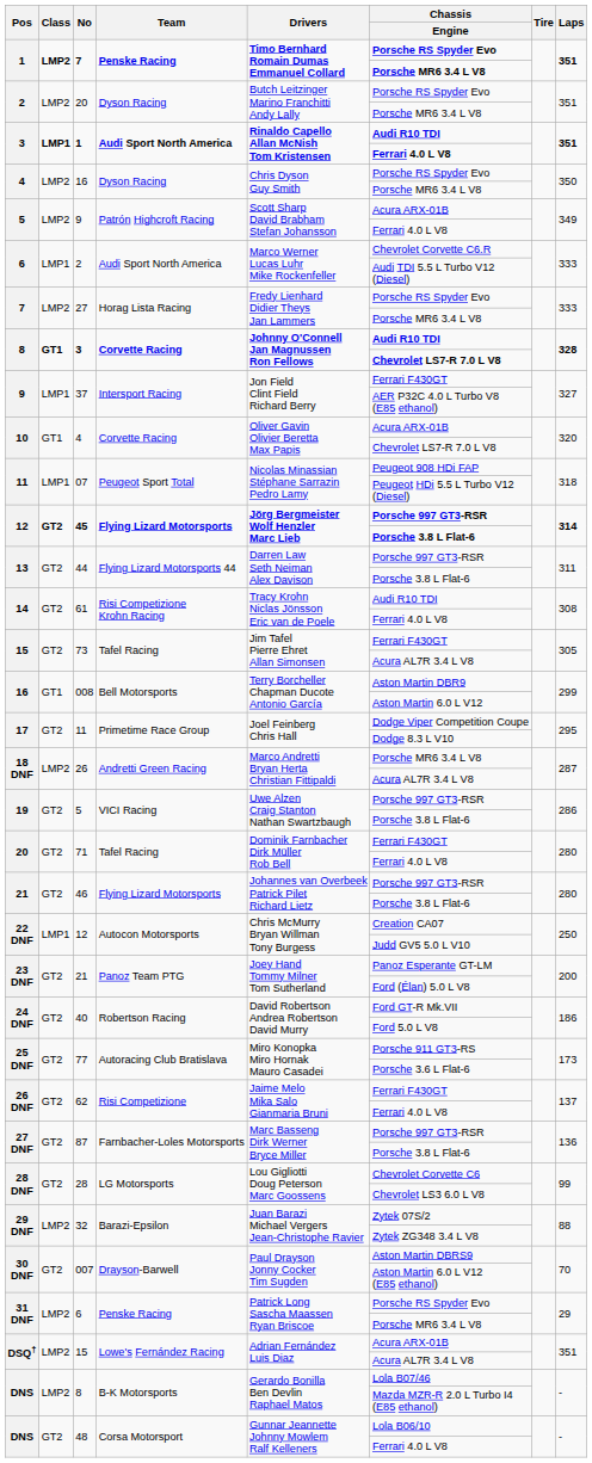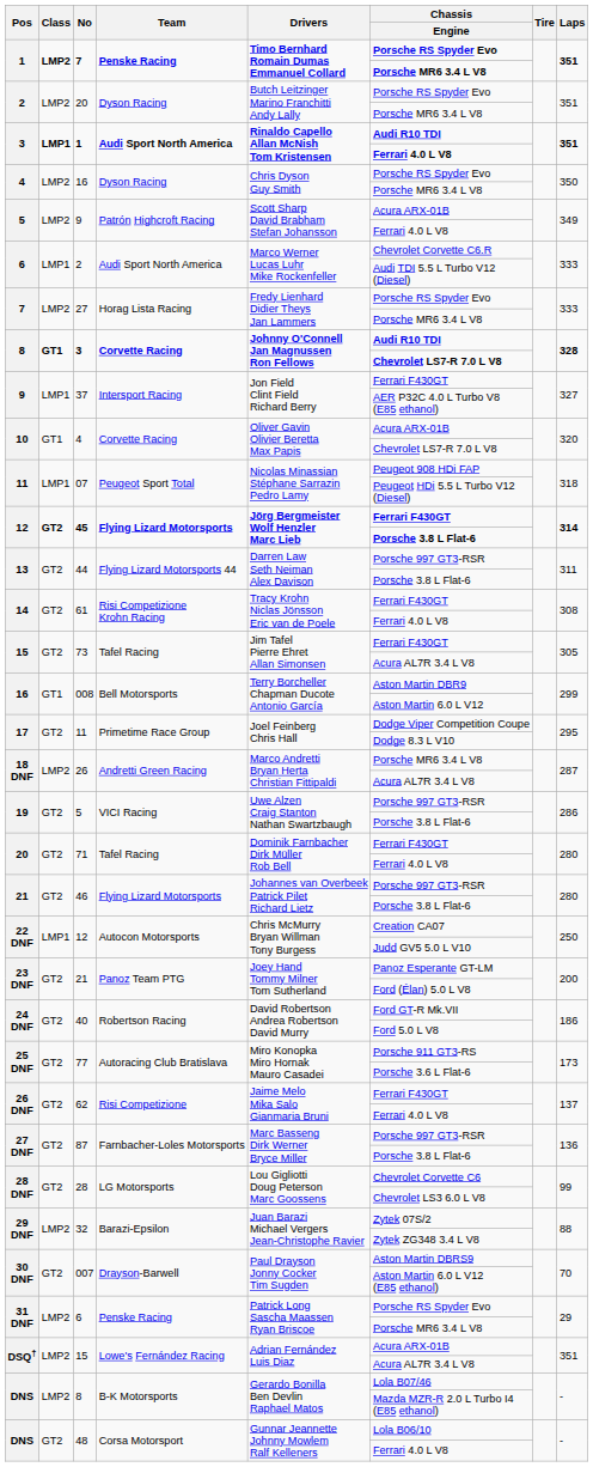 <table class="wikitable" style="font-size: 95%;">
 <tr>
 <th rowspan=2>Pos</th>
 <th rowspan=2>Class</th>
 <th rowspan=2>No</th>
 <th rowspan=2>Team</th>
 <th rowspan=2>Drivers</th>
 <th>Chassis</th>
 <th rowspan=2>Tire</th>
 <th rowspan=2>Laps</th>
 </tr>
 <tr>
 <th>Engine</th>
 </tr>
 <tr style="font-weight:bold">
 <th rowspan=2>1</th>
 <td rowspan=2>LMP2</td>
 <td rowspan=2>7</td>
 <td rowspan=2> <a href='#'>Penske Racing</a></td>
 <td rowspan=2> <a href='#'>Timo Bernhard</a><br> <a href='#'>Romain Dumas</a><br> <a href='#'>Emmanuel Collard</a></td>
 <td><a href='#'>Porsche RS Spyder</a> Evo</td>
 <td rowspan=2></td>
 <td rowspan=2>351</td>
 </tr>
 <tr style="font-weight:bold">
 <td><a href='#'>Porsche</a> MR6 3.4 L V8</td>
 </tr>
 <tr>
 <th rowspan=2>2</th>
 <td rowspan=2>LMP2</td>
 <td rowspan=2>20</td>
 <td rowspan=2> <a href='#'>Dyson Racing</a></td>
 <td rowspan=2> <a href='#'>Butch Leitzinger</a><br> <a href='#'>Marino Franchitti</a><br> <a href='#'>Andy Lally</a></td>
 <td><a href='#'>Porsche RS Spyder</a> Evo</td>
 <td rowspan=2></td>
 <td rowspan=2>351</td>
 </tr>
 <tr>
 <td><a href='#'>Porsche</a> MR6 3.4 L V8</td>
 </tr>
 <tr style="font-weight:bold">
 <th rowspan=2>3</th>
 <td rowspan=2>LMP1</td>
 <td rowspan=2>1</td>
 <td rowspan=2> <a href='#'>Audi</a> Sport North America</td>
 <td rowspan=2> <a href='#'>Rinaldo Capello</a><br> <a href='#'>Allan McNish</a><br> <a href='#'>Tom Kristensen</a></td>
 <td><a href='#'>Audi R10 TDI</a></td>
 <td rowspan=2></td>
 <td rowspan=2>351</td>
 </tr>
 <tr style="font-weight:bold">
 <td><a href='#'>Ferrari</a> 4.0 L V8</td>
 </tr>
 <tr>
 <th rowspan=2>4</th>
 <td rowspan=2>LMP2</td>
 <td rowspan=2>16</td>
 <td rowspan=2> <a href='#'>Dyson Racing</a></td>
 <td rowspan=2> <a href='#'>Chris Dyson</a><br> <a href='#'>Guy Smith</a></td>
 <td><a href='#'>Porsche RS Spyder</a> Evo</td>
 <td rowspan=2></td>
 <td rowspan=2>350</td>
 </tr>
 <tr>
 <td><a href='#'>Porsche</a> MR6 3.4 L V8</td>
 </tr>
 <tr>
 <th rowspan=2>5</th>
 <td rowspan=2>LMP2</td>
 <td rowspan=2>9</td>
 <td rowspan=2> <a href='#'>Patrón</a> <a href='#'>Highcroft Racing</a></td>
 <td rowspan=2> <a href='#'>Scott Sharp</a><br> <a href='#'>David Brabham</a><br> <a href='#'>Stefan Johansson</a></td>
 <td><a href='#'>Acura ARX-01B</a></td>
 <td rowspan=2></td>
 <td rowspan=2>349</td>
 </tr>
 <tr>
 <td><a href='#'>Ferrari</a> 4.0 L V8</td>
 </tr>
 <tr>
 <th rowspan=2>6</th>
 <td rowspan=2>LMP1</td>
 <td rowspan=2>2</td>
 <td rowspan=2> <a href='#'>Audi</a> Sport North America</td>
 <td rowspan=2> <a href='#'>Marco Werner</a><br> <a href='#'>Lucas Luhr</a><br> <a href='#'>Mike Rockenfeller</a></td>
 <td><a href='#'>Chevrolet Corvette C6.R</a></td>
 <td rowspan=2></td>
 <td rowspan=2>333</td>
 </tr>
 <tr>
 <td><a href='#'>Audi</a> <a href='#'>TDI</a> 5.5 L Turbo V12<br>(<a href='#'>Diesel</a>)</td>
 </tr>
 <tr>
 <th rowspan=2>7</th>
 <td rowspan=2>LMP2</td>
 <td rowspan=2>27</td>
 <td rowspan=2> Horag Lista Racing</td>
 <td rowspan=2> <a href='#'>Fredy Lienhard</a><br> <a href='#'>Didier Theys</a><br> <a href='#'>Jan Lammers</a></td>
 <td><a href='#'>Porsche RS Spyder</a> Evo</td>
 <td rowspan=2></td>
 <td rowspan=2>333</td>
 </tr>
 <tr>
 <td><a href='#'>Porsche</a> MR6 3.4 L V8</td>
 </tr>
 <tr style="font-weight:bold">
 <th rowspan=2>8</th>
 <td rowspan=2>GT1</td>
 <td rowspan=2>3</td>
 <td rowspan=2> <a href='#'>Corvette Racing</a></td>
 <td rowspan=2> <a href='#'>Johnny O'Connell</a><br> <a href='#'>Jan Magnussen</a><br> <a href='#'>Ron Fellows</a></td>
 <td><a href='#'>Audi R10 TDI</a></td>
 <td rowspan=2></td>
 <td rowspan=2>328</td>
 </tr>
 <tr style="font-weight:bold">
 <td><a href='#'>Chevrolet</a> LS7-R 7.0 L V8</td>
 </tr>
 <tr>
 <th rowspan=2>9</th>
 <td rowspan=2>LMP1</td>
 <td rowspan=2>37</td>
 <td rowspan=2> <a href='#'>Intersport Racing</a></td>
 <td rowspan=2> Jon Field<br> Clint Field<br> Richard Berry</td>
 <td><a href='#'>Ferrari F430GT</a></td>
 <td rowspan=2></td>
 <td rowspan=2>327</td>
 </tr>
 <tr>
 <td><a href='#'>AER</a> P32C 4.0 L Turbo V8<br>(<a href='#'>E85</a> <a href='#'>ethanol</a>)</td>
 </tr>
 <tr>
 <th rowspan=2>10</th>
 <td rowspan=2>GT1</td>
 <td rowspan=2>4</td>
 <td rowspan=2> <a href='#'>Corvette Racing</a></td>
 <td rowspan=2> <a href='#'>Oliver Gavin</a><br> <a href='#'>Olivier Beretta</a><br> <a href='#'>Max Papis</a></td>
 <td><a href='#'>Acura ARX-01B</a></td>
 <td rowspan=2></td>
 <td rowspan=2>320</td>
 </tr>
 <tr>
 <td><a href='#'>Chevrolet</a> LS7-R 7.0 L V8</td>
 </tr>
 <tr>
 <th rowspan=2>11</th>
 <td rowspan=2>LMP1</td>
 <td rowspan=2>07</td>
 <td rowspan=2> <a href='#'>Peugeot</a> Sport <a href='#'>Total</a></td>
 <td rowspan=2> <a href='#'>Nicolas Minassian</a><br> <a href='#'>Stéphane Sarrazin</a><br> <a href='#'>Pedro Lamy</a></td>
 <td><a href='#'>Peugeot 908 HDi FAP</a></td>
 <td rowspan=2></td>
 <td rowspan=2>318</td>
 </tr>
 <tr>
 <td><a href='#'>Peugeot</a> <a href='#'>HDi</a> 5.5 L Turbo V12<br>(<a href='#'>Diesel</a>)</td>
 </tr>
 <tr style="font-weight:bold">
 <th rowspan=2>12</th>
 <td rowspan=2>GT2</td>
 <td rowspan=2>45</td>
 <td rowspan=2> <a href='#'>Flying Lizard Motorsports</a></td>
 <td rowspan=2> <a href='#'>Jörg Bergmeister</a><br> <a href='#'>Wolf Henzler</a><br> <a href='#'>Marc Lieb</a></td>
-<td><a href='#'>Porsche 997 GT3</a>-RSR</td>
+<td><a href='#'>Ferrari F430GT</a></td>
 <td rowspan=2></td>
 <td rowspan=2>314</td>
 </tr>
 <tr style="font-weight:bold">
 <td><a href='#'>Porsche</a> 3.8 L Flat-6</td>
 </tr>
 <tr>
 <th rowspan=2>13</th>
 <td rowspan=2>GT2</td>
 <td rowspan=2>44</td>
 <td rowspan=2> <a href='#'>Flying Lizard Motorsports</a> 44</td>
 <td rowspan=2> <a href='#'>Darren Law</a><br> <a href='#'>Seth Neiman</a><br> <a href='#'>Alex Davison</a></td>
 <td><a href='#'>Porsche 997 GT3</a>-RSR</td>
 <td rowspan=2></td>
 <td rowspan=2>311</td>
 </tr>
 <tr>
 <td><a href='#'>Porsche</a> 3.8 L Flat-6</td>
 </tr>
 <tr>
 <th rowspan=2>14</th>
 <td rowspan=2>GT2</td>
 <td rowspan=2>61</td>
 <td rowspan=2> <a href='#'>Risi Competizione</a><br> <a href='#'>Krohn Racing</a></td>
 <td rowspan=2> <a href='#'>Tracy Krohn</a><br> <a href='#'>Niclas Jönsson</a><br> <a href='#'>Eric van de Poele</a></td>
-<td><a href='#'>Audi R10 TDI</a></td>
+<td><a href='#'>Ferrari F430GT</a></td>
 <td rowspan=2></td>
 <td rowspan=2>308</td>
 </tr>
 <tr>
 <td><a href='#'>Ferrari</a> 4.0 L V8</td>
 </tr>
 <tr>
 <th rowspan=2>15</th>
 <td rowspan=2>GT2</td>
 <td rowspan=2>73</td>
 <td rowspan=2> Tafel Racing</td>
 <td rowspan=2> Jim Tafel<br> Pierre Ehret<br> <a href='#'>Allan Simonsen</a></td>
 <td><a href='#'>Ferrari F430GT</a></td>
 <td rowspan=2></td>
 <td rowspan=2>305</td>
 </tr>
 <tr>
 <td><a href='#'>Acura</a> AL7R 3.4 L V8</td>
 </tr>
 <tr>
 <th rowspan=2>16</th>
 <td rowspan=2>GT1</td>
 <td rowspan=2>008</td>
 <td rowspan=2> Bell Motorsports</td>
 <td rowspan=2> <a href='#'>Terry Borcheller</a><br> Chapman Ducote<br> <a href='#'>Antonio García</a></td>
 <td><a href='#'>Aston Martin DBR9</a></td>
 <td rowspan=2></td>
 <td rowspan=2>299</td>
 </tr>
 <tr>
 <td><a href='#'>Aston Martin</a> 6.0 L V12</td>
 </tr>
 <tr>
 <th rowspan=2>17</th>
 <td rowspan=2>GT2</td>
 <td rowspan=2>11</td>
 <td rowspan=2> Primetime Race Group</td>
 <td rowspan=2> Joel Feinberg<br> Chris Hall</td>
 <td><a href='#'>Dodge Viper</a> Competition Coupe</td>
 <td rowspan=2></td>
 <td rowspan=2>295</td>
 </tr>
 <tr>
 <td><a href='#'>Dodge</a> 8.3 L V10</td>
 </tr>
 <tr>
 <th rowspan=2>18<br>DNF</th>
 <td rowspan=2>LMP2</td>
 <td rowspan=2>26</td>
 <td rowspan=2> <a href='#'>Andretti Green Racing</a></td>
 <td rowspan=2> <a href='#'>Marco Andretti</a><br> <a href='#'>Bryan Herta</a><br> <a href='#'>Christian Fittipaldi</a></td>
 <td><a href='#'>Porsche</a> MR6 3.4 L V8</td>
 <td rowspan=2></td>
 <td rowspan=2>287</td>
 </tr>
 <tr>
 <td><a href='#'>Acura</a> AL7R 3.4 L V8</td>
 </tr>
 <tr>
 <th rowspan=2>19</th>
 <td rowspan=2>GT2</td>
 <td rowspan=2>5</td>
 <td rowspan=2> VICI Racing</td>
 <td rowspan=2> <a href='#'>Uwe Alzen</a><br> <a href='#'>Craig Stanton</a><br> Nathan Swartzbaugh</td>
 <td><a href='#'>Porsche 997 GT3</a>-RSR</td>
 <td rowspan=2></td>
 <td rowspan=2>286</td>
 </tr>
 <tr>
 <td><a href='#'>Porsche</a> 3.8 L Flat-6</td>
 </tr>
 <tr>
 <th rowspan=2>20</th>
 <td rowspan=2>GT2</td>
 <td rowspan=2>71</td>
 <td rowspan=2> Tafel Racing</td>
 <td rowspan=2> <a href='#'>Dominik Farnbacher</a><br> <a href='#'>Dirk Müller</a><br> <a href='#'>Rob Bell</a></td>
 <td><a href='#'>Ferrari F430GT</a></td>
 <td rowspan=2></td>
 <td rowspan=2>280</td>
 </tr>
 <tr>
 <td><a href='#'>Ferrari</a> 4.0 L V8</td>
 </tr>
 <tr>
 <th rowspan=2>21</th>
 <td rowspan=2>GT2</td>
 <td rowspan=2>46</td>
 <td rowspan=2> <a href='#'>Flying Lizard Motorsports</a></td>
 <td rowspan=2> <a href='#'>Johannes van Overbeek</a><br> <a href='#'>Patrick Pilet</a><br> <a href='#'>Richard Lietz</a></td>
 <td><a href='#'>Porsche 997 GT3</a>-RSR</td>
 <td rowspan=2></td>
 <td rowspan=2>280</td>
 </tr>
 <tr>
 <td><a href='#'>Porsche</a> 3.8 L Flat-6</td>
 </tr>
 <tr>
 <th rowspan=2>22<br>DNF</th>
 <td rowspan=2>LMP1</td>
 <td rowspan=2>12</td>
 <td rowspan=2> Autocon Motorsports</td>
 <td rowspan=2> Chris McMurry<br> Bryan Willman<br> Tony Burgess</td>
 <td><a href='#'>Creation</a> CA07</td>
 <td rowspan=2></td>
 <td rowspan=2>250</td>
 </tr>
 <tr>
 <td><a href='#'>Judd</a> GV5 5.0 L V10</td>
 </tr>
 <tr>
 <th rowspan=2>23<br>DNF</th>
 <td rowspan=2>GT2</td>
 <td rowspan=2>21</td>
 <td rowspan=2> <a href='#'>Panoz</a> Team PTG</td>
 <td rowspan=2> <a href='#'>Joey Hand</a><br> <a href='#'>Tommy Milner</a><br> Tom Sutherland</td>
 <td><a href='#'>Panoz Esperante</a> GT-LM</td>
 <td rowspan=2></td>
 <td rowspan=2>200</td>
 </tr>
 <tr>
 <td><a href='#'>Ford</a> (<a href='#'>Élan</a>) 5.0 L V8</td>
 </tr>
 <tr>
 <th rowspan=2>24<br>DNF</th>
 <td rowspan=2>GT2</td>
 <td rowspan=2>40</td>
 <td rowspan=2> Robertson Racing</td>
 <td rowspan=2> David Robertson<br> Andrea Robertson<br> David Murry</td>
 <td><a href='#'>Ford GT</a>-R Mk.VII</td>
 <td rowspan=2></td>
 <td rowspan=2>186</td>
 </tr>
 <tr>
 <td><a href='#'>Ford</a> 5.0 L V8</td>
 </tr>
 <tr>
 <th rowspan=2>25<br>DNF</th>
 <td rowspan=2>GT2</td>
 <td rowspan=2>77</td>
 <td rowspan=2> Autoracing Club Bratislava</td>
 <td rowspan=2> Miro Konopka<br> Miro Hornak<br> Mauro Casadei</td>
 <td><a href='#'>Porsche 911 GT3</a>-RS</td>
 <td rowspan=2></td>
 <td rowspan=2>173</td>
 </tr>
 <tr>
 <td><a href='#'>Porsche</a> 3.6 L Flat-6</td>
 </tr>
 <tr>
 <th rowspan=2>26<br>DNF</th>
 <td rowspan=2>GT2</td>
 <td rowspan=2>62</td>
 <td rowspan=2> <a href='#'>Risi Competizione</a></td>
 <td rowspan=2> <a href='#'>Jaime Melo</a><br> <a href='#'>Mika Salo</a><br> <a href='#'>Gianmaria Bruni</a></td>
 <td><a href='#'>Ferrari F430GT</a></td>
 <td rowspan=2></td>
 <td rowspan=2>137</td>
 </tr>
 <tr>
 <td><a href='#'>Ferrari</a> 4.0 L V8</td>
 </tr>
 <tr>
 <th rowspan=2>27<br>DNF</th>
 <td rowspan=2>GT2</td>
 <td rowspan=2>87</td>
 <td rowspan=2> Farnbacher-Loles Motorsports</td>
 <td rowspan=2> <a href='#'>Marc Basseng</a><br> <a href='#'>Dirk Werner</a><br> <a href='#'>Bryce Miller</a></td>
 <td><a href='#'>Porsche 997 GT3</a>-RSR</td>
 <td rowspan=2></td>
 <td rowspan=2>136</td>
 </tr>
 <tr>
 <td><a href='#'>Porsche</a> 3.8 L Flat-6</td>
 </tr>
 <tr>
 <th rowspan=2>28<br>DNF</th>
 <td rowspan=2>GT2</td>
 <td rowspan=2>28</td>
 <td rowspan=2> LG Motorsports</td>
 <td rowspan=2> Lou Gigliotti<br> Doug Peterson<br> <a href='#'>Marc Goossens</a></td>
 <td><a href='#'>Chevrolet Corvette C6</a></td>
 <td rowspan=2></td>
 <td rowspan=2>99</td>
 </tr>
 <tr>
 <td><a href='#'>Chevrolet</a> LS3 6.0 L V8</td>
 </tr>
 <tr>
 <th rowspan=2>29<br>DNF</th>
 <td rowspan=2>LMP2</td>
 <td rowspan=2>32</td>
 <td rowspan=2> Barazi-Epsilon</td>
 <td rowspan=2> <a href='#'>Juan Barazi</a><br> Michael Vergers<br> <a href='#'>Jean-Christophe Ravier</a></td>
 <td><a href='#'>Zytek</a> 07S/2</td>
 <td rowspan=2></td>
 <td rowspan=2>88</td>
 </tr>
 <tr>
 <td><a href='#'>Zytek</a> ZG348 3.4 L V8</td>
 </tr>
 <tr>
 <th rowspan=2>30<br>DNF</th>
 <td rowspan=2>GT2</td>
 <td rowspan=2>007</td>
 <td rowspan=2> <a href='#'>Drayson</a>-Barwell</td>
 <td rowspan=2> <a href='#'>Paul Drayson</a><br> <a href='#'>Jonny Cocker</a><br> <a href='#'>Tim Sugden</a></td>
 <td><a href='#'>Aston Martin DBRS9</a></td>
 <td rowspan=2></td>
 <td rowspan=2>70</td>
 </tr>
 <tr>
 <td><a href='#'>Aston Martin</a> 6.0 L V12<br>(<a href='#'>E85</a> <a href='#'>ethanol</a>)</td>
 </tr>
 <tr>
 <th rowspan=2>31<br>DNF</th>
 <td rowspan=2>LMP2</td>
 <td rowspan=2>6</td>
 <td rowspan=2> <a href='#'>Penske Racing</a></td>
 <td rowspan=2> <a href='#'>Patrick Long</a><br> <a href='#'>Sascha Maassen</a><br> <a href='#'>Ryan Briscoe</a></td>
 <td><a href='#'>Porsche RS Spyder</a> Evo</td>
 <td rowspan=2></td>
 <td rowspan=2>29</td>
 </tr>
 <tr>
 <td><a href='#'>Porsche</a> MR6 3.4 L V8</td>
 </tr>
 <tr>
 <th rowspan=2>DSQ<sup>†</sup></th>
 <td rowspan=2>LMP2</td>
 <td rowspan=2>15</td>
 <td rowspan=2> <a href='#'>Lowe's</a> <a href='#'>Fernández Racing</a></td>
 <td rowspan=2> <a href='#'>Adrian Fernández</a><br> <a href='#'>Luis Diaz</a></td>
 <td><a href='#'>Acura ARX-01B</a></td>
 <td rowspan=2></td>
 <td rowspan=2>351</td>
 </tr>
 <tr>
 <td><a href='#'>Acura</a> AL7R 3.4 L V8</td>
 </tr>
 <tr>
 <th rowspan=2>DNS</th>
 <td rowspan=2>LMP2</td>
 <td rowspan=2>8</td>
 <td rowspan=2> B-K Motorsports</td>
 <td rowspan=2> <a href='#'>Gerardo Bonilla</a><br> Ben Devlin<br> <a href='#'>Raphael Matos</a></td>
 <td><a href='#'>Lola B07/46</a></td>
 <td rowspan=2></td>
 <td rowspan=2>-</td>
 </tr>
 <tr>
 <td><a href='#'>Mazda MZR-R</a> 2.0 L Turbo I4<br>(<a href='#'>E85</a> <a href='#'>ethanol</a>)</td>
 </tr>
 <tr>
 <th rowspan=2>DNS</th>
 <td rowspan=2>GT2</td>
 <td rowspan=2>48</td>
 <td rowspan=2> Corsa Motorsport</td>
 <td rowspan=2> <a href='#'>Gunnar Jeannette</a><br> <a href='#'>Johnny Mowlem</a><br> <a href='#'>Ralf Kelleners</a></td>
 <td><a href='#'>Lola B06/10</a></td>
 <td rowspan=2></td>
 <td rowspan=2>-</td>
 </tr>
 <tr>
 <td><a href='#'>Ferrari</a> 4.0 L V8</td>
 </tr>
 </table>
